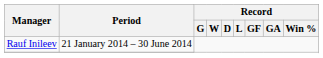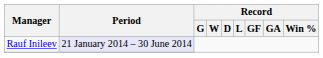 <table class="wikitable" style="text-align: center">
 <tr>
 <th rowspan=2>Manager</th>
 <th rowspan=2>Period</th>
 <th colspan=7>Record</th>
 </tr>
 <tr>
 <th>G</th>
 <th>W</th>
 <th>D</th>
 <th>L</th>
 <th>GF</th>
 <th>GA</th>
 <th>Win %</th>
 </tr>
 <tr>
 <td align=left><a href='#'>Rauf Inileev</a></td>
-<td align=center>21 January 2014 – 30 June 2014 <br></td>
+<td align=center style="background: lavender;">21 January 2014 – 30 June 2014 <br></td>
 </tr>
 <tr>
 </tr>
 </table>
